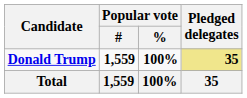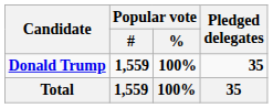 <table class="wikitable" style="text-align:right;">
 <tr>
 <th rowspan="2">Candidate</th>
 <th colspan="2">Popular vote</th>
 <th rowspan="2">Pledged<br>delegates</th>
 </tr>
 <tr>
 <th>#</th>
 <th>%</th>
 </tr>
 <tr>
 <td style="text-align:left;" data-sort-name="Biden, Joe"><strong><a href='#'>Donald Trump</a></strong></td>
 <td><strong>1,559</strong></td>
 <td><strong>100%</strong></td>
-<td style="background: khaki;"><strong>35</strong></td>
+<td><strong>35</strong></td>
 </tr>
 <tr>
 <th>Total</th>
 <th>1,559</th>
 <th>100%</th>
 <th>35</th>
 </tr>
 </table>
